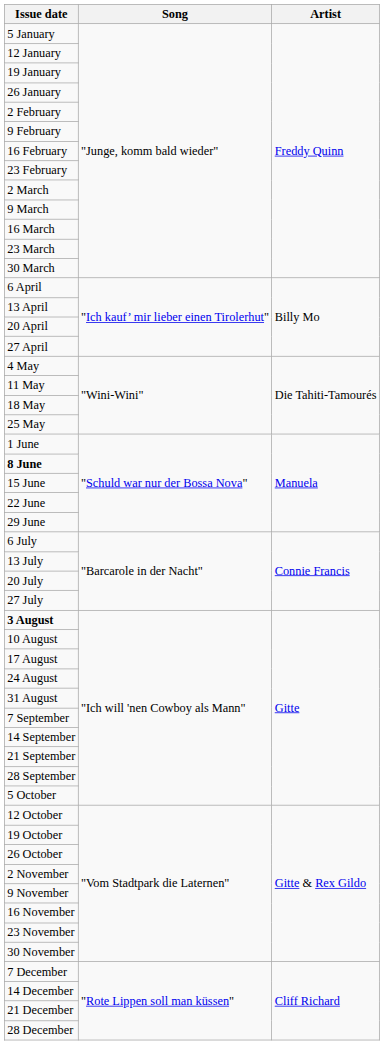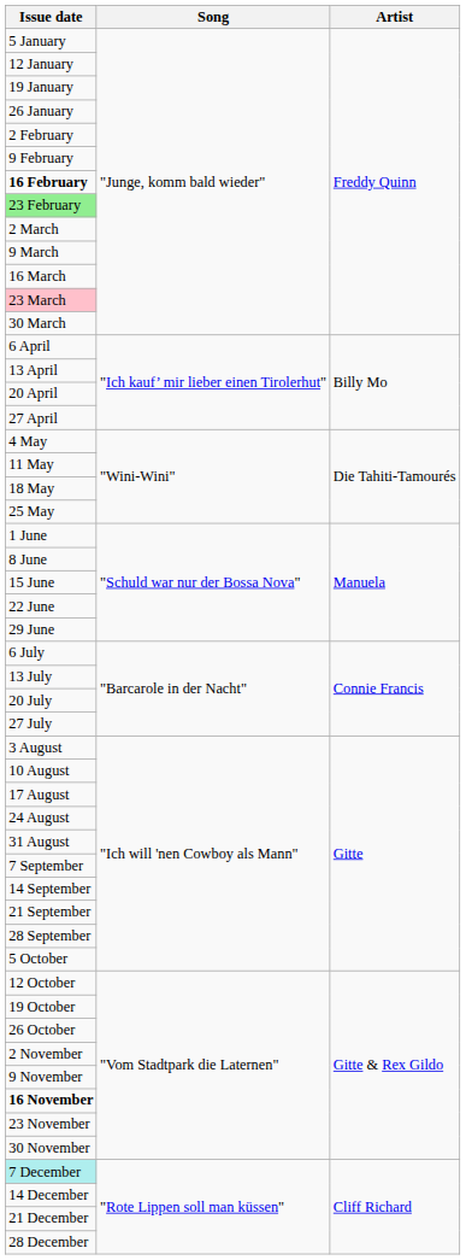 <table class="sortable wikitable">
 <tr>
 <th>Issue date</th>
 <th>Song</th>
 <th>Artist</th>
 </tr>
 <tr>
 <td>5 January</td>
 <td rowspan="13">"Junge, komm bald wieder"</td>
 <td rowspan="13"><a href='#'>Freddy Quinn</a></td>
 </tr>
 <tr>
 <td>12 January</td>
 </tr>
 <tr>
 <td>19 January</td>
 </tr>
 <tr>
 <td>26 January</td>
 </tr>
 <tr>
 <td>2 February</td>
 </tr>
 <tr>
 <td>9 February</td>
 </tr>
 <tr>
-<td>16 February</td>
+<td><strong>16 February</strong></td>
 </tr>
 <tr>
-<td>23 February</td>
+<td style="background: lightgreen;">23 February</td>
 </tr>
 <tr>
 <td>2 March</td>
 </tr>
 <tr>
 <td>9 March</td>
 </tr>
 <tr>
 <td>16 March</td>
 </tr>
 <tr>
-<td>23 March</td>
+<td style="background: pink;">23 March</td>
 </tr>
 <tr>
 <td>30 March</td>
 </tr>
 <tr>
 <td>6 April</td>
 <td rowspan="4">"<a href='#'>Ich kauf’ mir lieber einen Tirolerhut</a>"</td>
 <td rowspan="4">Billy Mo</td>
 </tr>
 <tr>
 <td>13 April</td>
 </tr>
 <tr>
 <td>20 April</td>
 </tr>
 <tr>
 <td>27 April</td>
 </tr>
 <tr>
 <td>4 May</td>
 <td rowspan="4">"Wini-Wini"</td>
 <td rowspan="4">Die Tahiti-Tamourés</td>
 </tr>
 <tr>
 <td>11 May</td>
 </tr>
 <tr>
 <td>18 May</td>
 </tr>
 <tr>
 <td>25 May</td>
 </tr>
 <tr>
 <td>1 June</td>
 <td rowspan="5">"<a href='#'>Schuld war nur der Bossa Nova</a>"</td>
 <td rowspan="5"><a href='#'>Manuela</a></td>
 </tr>
 <tr>
-<td><strong>8 June</strong></td>
+<td>8 June</td>
 </tr>
 <tr>
 <td>15 June</td>
 </tr>
 <tr>
 <td>22 June</td>
 </tr>
 <tr>
 <td>29 June</td>
 </tr>
 <tr>
 <td>6 July</td>
 <td rowspan="4">"Barcarole in der Nacht"</td>
 <td rowspan="4"><a href='#'>Connie Francis</a></td>
 </tr>
 <tr>
 <td>13 July</td>
 </tr>
 <tr>
 <td>20 July</td>
 </tr>
 <tr>
 <td>27 July</td>
 </tr>
 <tr>
-<td><strong>3 August</strong></td>
+<td>3 August</td>
 <td rowspan="10">"Ich will 'nen Cowboy als Mann"</td>
 <td rowspan="10"><a href='#'>Gitte</a></td>
 </tr>
 <tr>
 <td>10 August</td>
 </tr>
 <tr>
 <td>17 August</td>
 </tr>
 <tr>
 <td>24 August</td>
 </tr>
 <tr>
 <td>31 August</td>
 </tr>
 <tr>
 <td>7 September</td>
 </tr>
 <tr>
 <td>14 September</td>
 </tr>
 <tr>
 <td>21 September</td>
 </tr>
 <tr>
 <td>28 September</td>
 </tr>
 <tr>
 <td>5 October</td>
 </tr>
 <tr>
 <td>12 October</td>
 <td rowspan="8">"Vom Stadtpark die Laternen"</td>
 <td rowspan="8"><a href='#'>Gitte</a> & <a href='#'>Rex Gildo</a></td>
 </tr>
 <tr>
 <td>19 October</td>
 </tr>
 <tr>
 <td>26 October</td>
 </tr>
 <tr>
 <td>2 November</td>
 </tr>
 <tr>
 <td>9 November</td>
 </tr>
 <tr>
-<td>16 November</td>
+<td><strong>16 November</strong></td>
 </tr>
 <tr>
 <td>23 November</td>
 </tr>
 <tr>
 <td>30 November</td>
 </tr>
 <tr>
-<td>7 December</td>
+<td style="background: paleturquoise;">7 December</td>
 <td rowspan="4">"<a href='#'>Rote Lippen soll man küssen</a>"</td>
 <td rowspan="4"><a href='#'>Cliff Richard</a></td>
 </tr>
 <tr>
 <td>14 December</td>
 </tr>
 <tr>
 <td>21 December</td>
 </tr>
 <tr>
 <td>28 December</td>
 </tr>
 </table>
